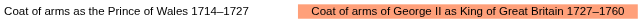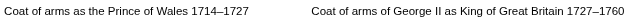 <table border="0" align="center" width="60%">
 <tr>
 <th width=50%></th>
 <th width=50%></th>
 </tr>
 <tr>
 <td style="text-align: center;">Coat of arms as the Prince of Wales 1714–1727</td>
-<td style="background: lightsalmon; text-align: center;">Coat of arms of George II as King of Great Britain 1727–1760</td>
+<td style="text-align: center;">Coat of arms of George II as King of Great Britain 1727–1760</td>
 </tr>
 </table>
